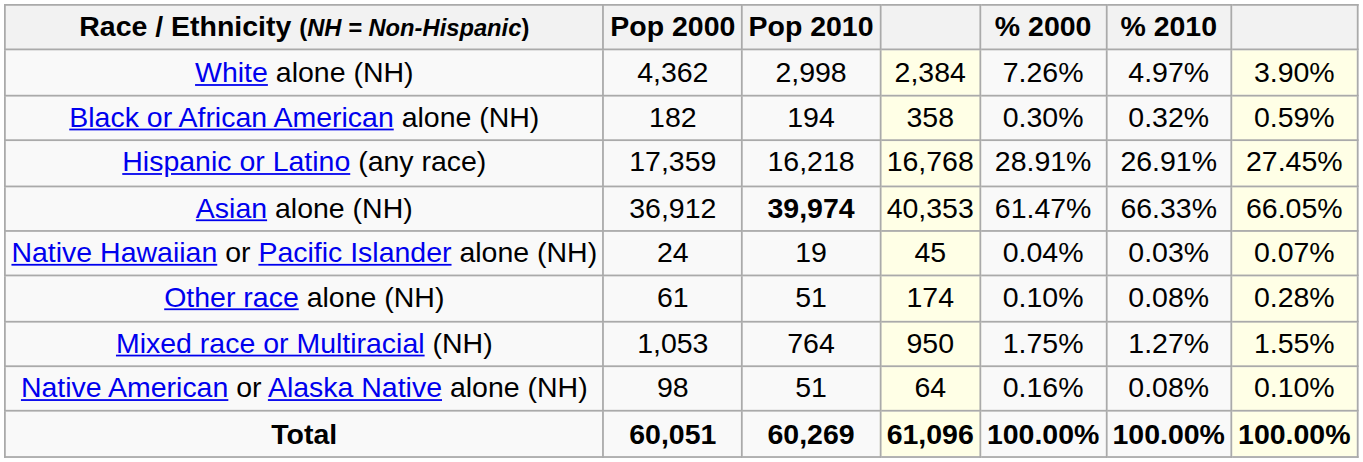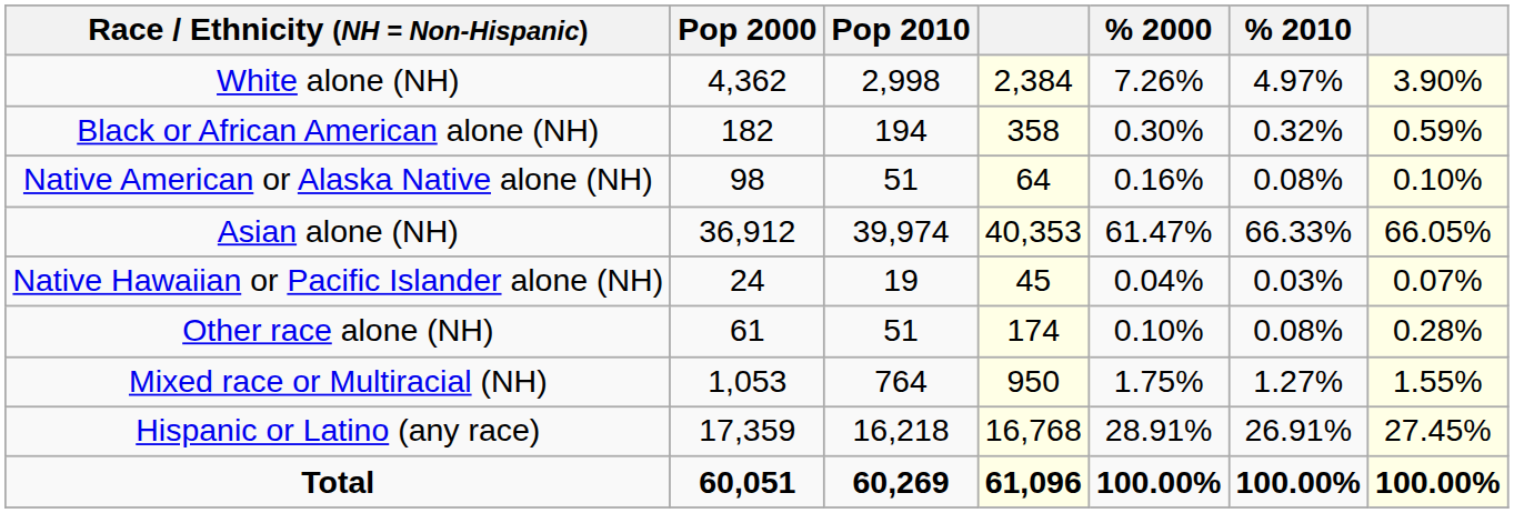 <table class="wikitable" style="text-align:center;">
 <tr>
 <th>Race / Ethnicity <small>(<em>NH = Non-Hispanic</em>)</small></th>
 <th>Pop 2000</th>
 <th>Pop 2010</th>
 <th></th>
 <th>% 2000</th>
 <th>% 2010</th>
 <th></th>
 </tr>
 <tr>
 <td><a href='#'>White</a> alone (NH)</td>
 <td>4,362</td>
 <td>2,998</td>
 <td style='background: #ffffe6;'>2,384</td>
 <td>7.26%</td>
 <td>4.97%</td>
 <td style='background: #ffffe6;'>3.90%</td>
 </tr>
 <tr>
 <td><a href='#'>Black or African American</a> alone (NH)</td>
 <td>182</td>
 <td>194</td>
 <td style='background: #ffffe6;'>358</td>
 <td>0.30%</td>
 <td>0.32%</td>
 <td style='background: #ffffe6;'>0.59%</td>
 </tr>
 <tr>
-<td><a href='#'>Hispanic or Latino</a> (any race)</td>
-<td>17,359</td>
-<td>16,218</td>
-<td style='background: #ffffe6;'>16,768</td>
-<td>28.91%</td>
-<td>26.91%</td>
-<td style='background: #ffffe6;'>27.45%</td>
+<td><a href='#'>Native American</a> or <a href='#'>Alaska Native</a> alone (NH)</td>
+<td>98</td>
+<td>51</td>
+<td style='background: #ffffe6;'>64</td>
+<td>0.16%</td>
+<td>0.08%</td>
+<td style='background: #ffffe6;'>0.10%</td>
 </tr>
 <tr>
 <td><a href='#'>Asian</a> alone (NH)</td>
 <td>36,912</td>
-<td><strong>39,974</strong></td>
+<td>39,974</td>
 <td style='background: #ffffe6;'>40,353</td>
 <td>61.47%</td>
 <td>66.33%</td>
 <td style='background: #ffffe6;'>66.05%</td>
 </tr>
 <tr>
 <td><a href='#'>Native Hawaiian</a> or <a href='#'>Pacific Islander</a> alone (NH)</td>
 <td>24</td>
 <td>19</td>
 <td style='background: #ffffe6;'>45</td>
 <td>0.04%</td>
 <td>0.03%</td>
 <td style='background: #ffffe6;'>0.07%</td>
 </tr>
 <tr>
 <td><a href='#'>Other race</a> alone (NH)</td>
 <td>61</td>
 <td>51</td>
 <td style='background: #ffffe6;'>174</td>
 <td>0.10%</td>
 <td>0.08%</td>
 <td style='background: #ffffe6;'>0.28%</td>
 </tr>
 <tr>
 <td><a href='#'>Mixed race or Multiracial</a> (NH)</td>
 <td>1,053</td>
 <td>764</td>
 <td style='background: #ffffe6;'>950</td>
 <td>1.75%</td>
 <td>1.27%</td>
 <td style='background: #ffffe6;'>1.55%</td>
 </tr>
 <tr>
-<td><a href='#'>Native American</a> or <a href='#'>Alaska Native</a> alone (NH)</td>
-<td>98</td>
-<td>51</td>
-<td style='background: #ffffe6;'>64</td>
-<td>0.16%</td>
-<td>0.08%</td>
-<td style='background: #ffffe6;'>0.10%</td>
+<td><a href='#'>Hispanic or Latino</a> (any race)</td>
+<td>17,359</td>
+<td>16,218</td>
+<td style='background: #ffffe6;'>16,768</td>
+<td>28.91%</td>
+<td>26.91%</td>
+<td style='background: #ffffe6;'>27.45%</td>
 </tr>
 <tr>
 <td><strong>Total</strong></td>
 <td><strong>60,051</strong></td>
 <td><strong>60,269</strong></td>
 <td style='background: #ffffe6;'><strong>61,096</strong></td>
 <td><strong>100.00%</strong></td>
 <td><strong>100.00%</strong></td>
 <td style='background: #ffffe6;'><strong>100.00%</strong></td>
 </tr>
 </table>
